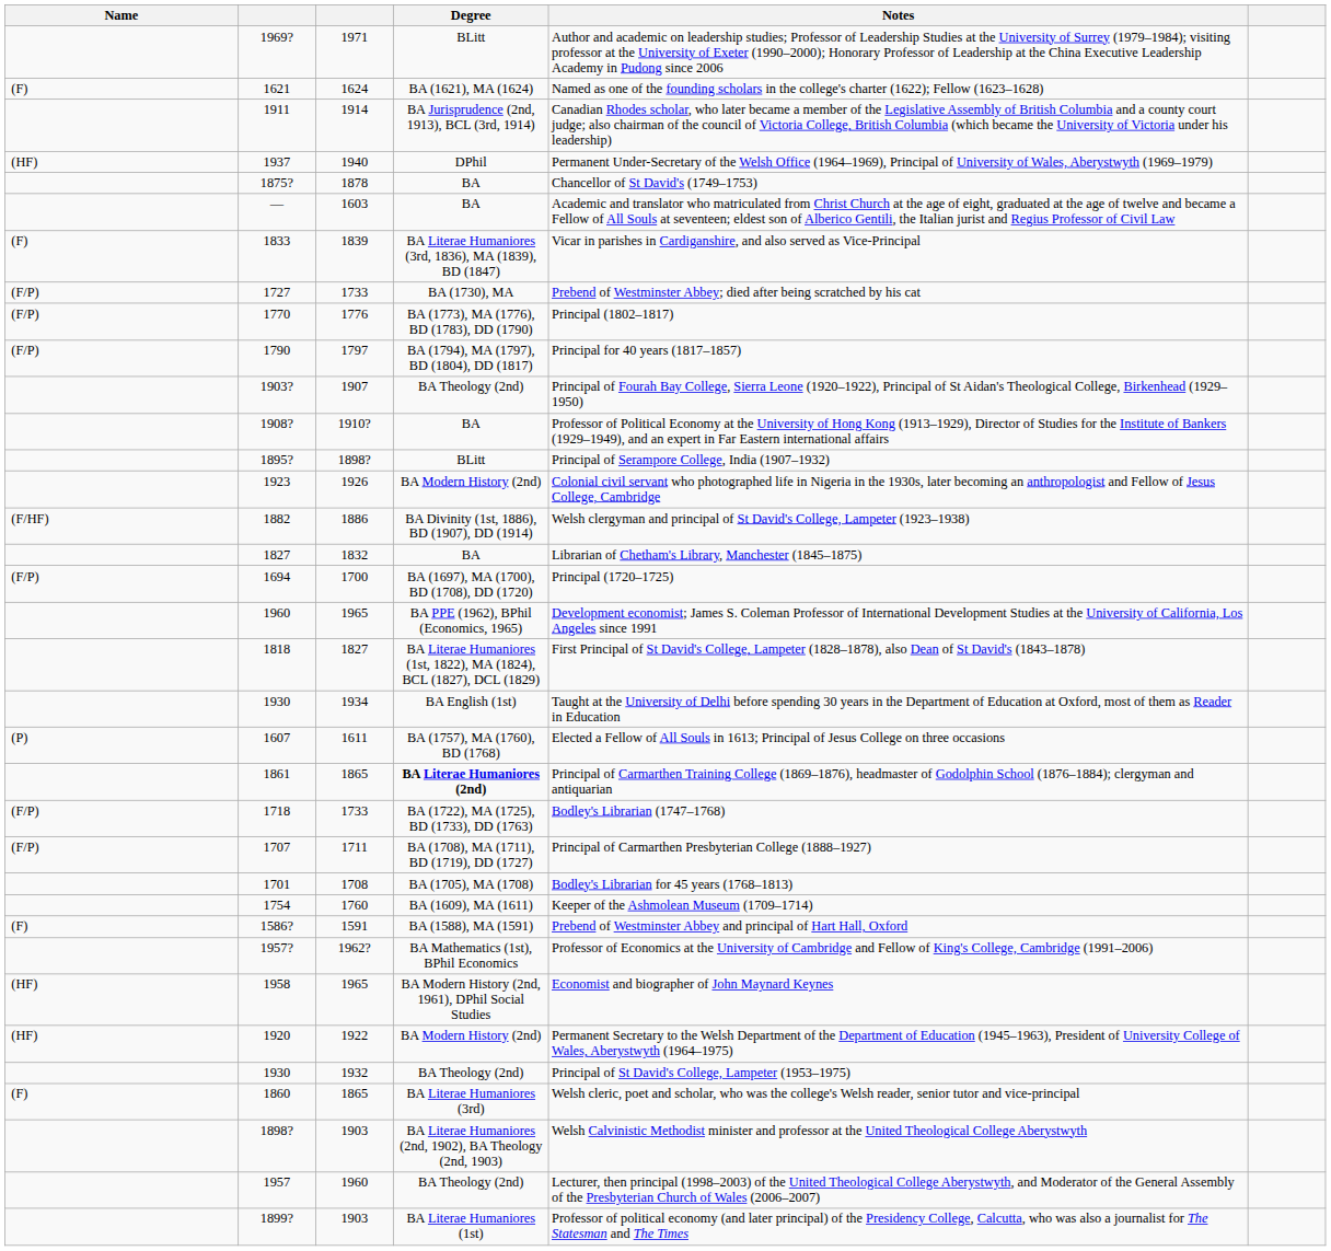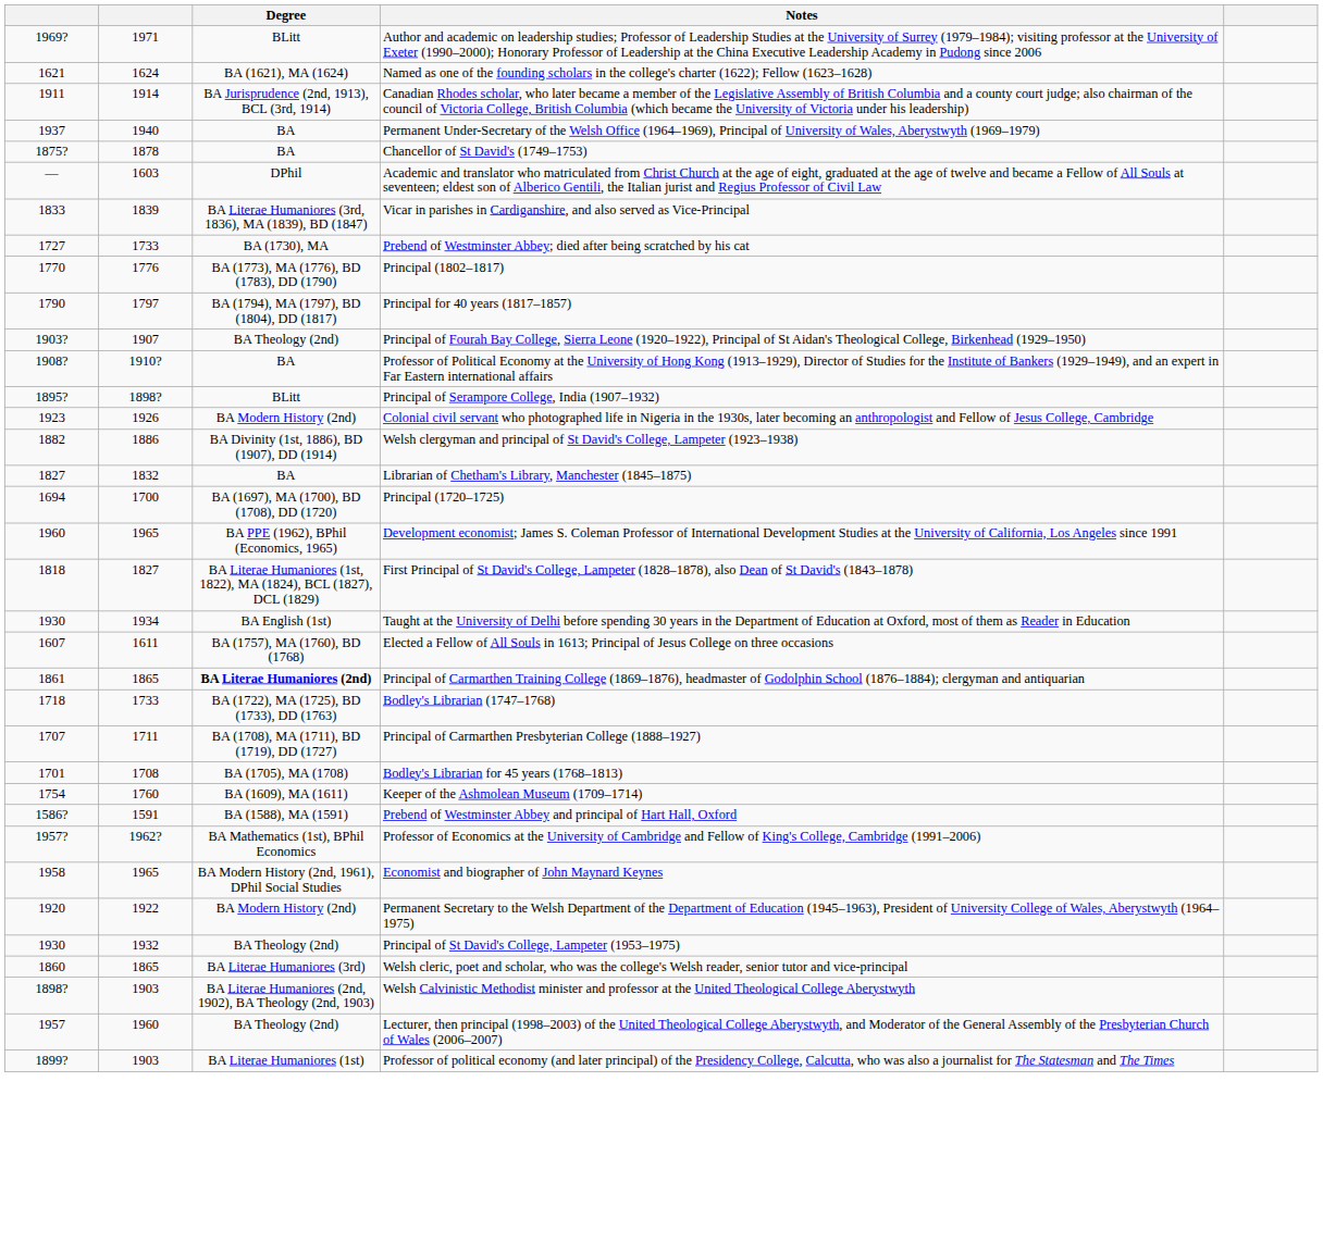 <table class="wikitable sortable">
 <tr>
-<th width="15%">Name</th>
 <th width="5%"></th>
 <th width="5%"></th>
 <th width="10%" class="unsortable">Degree</th>
 <th width="45%" class="unsortable">Notes</th>
 <th width="5%" class="unsortable"></th>
 </tr>
 <tr valign="top">
-<td></td>
 <td align="center"><span>1969</span>?</td>
 <td align="center">1971</td>
 <td align="center">BLitt</td>
 <td>Author and academic on leadership studies; Professor of Leadership Studies at the <a href='#'>University of Surrey</a> (1979–1984); visiting professor at the <a href='#'>University of Exeter</a> (1990–2000); Honorary Professor of Leadership at the China Executive Leadership Academy in <a href='#'>Pudong</a> since 2006</td>
 <td align="center"></td>
 </tr>
 <tr valign="top">
-<td> (F)</td>
 <td align="center">1621</td>
 <td align="center">1624</td>
 <td align="center">BA (1621), MA (1624)</td>
 <td>Named as one of the <a href='#'>founding scholars</a> in the college's charter (1622); Fellow (1623–1628)</td>
 <td align="center"></td>
 </tr>
 <tr valign="top">
-<td></td>
 <td align="center">1911</td>
 <td align="center">1914</td>
 <td align="center">BA <a href='#'>Jurisprudence</a> (2nd, 1913), BCL (3rd, 1914)</td>
 <td>Canadian <a href='#'>Rhodes scholar</a>, who later became a member of the <a href='#'>Legislative Assembly of British Columbia</a> and a county court judge; also chairman of the council of <a href='#'>Victoria College, British Columbia</a> (which became the <a href='#'>University of Victoria</a> under his leadership)</td>
 <td align="center"></td>
 </tr>
 <tr valign="top">
-<td> (HF)</td>
 <td align="center">1937</td>
 <td align="center">1940</td>
-<td align="center">DPhil</td>
+<td align="center">BA</td>
 <td>Permanent Under-Secretary of the <a href='#'>Welsh Office</a> (1964–1969), Principal of <a href='#'>University of Wales, Aberystwyth</a> (1969–1979)</td>
 <td align="center"></td>
 </tr>
 <tr valign="top">
-<td></td>
 <td align="center"><span>1875</span>?</td>
 <td align="center">1878</td>
 <td align="center">BA</td>
 <td>Chancellor of <a href='#'>St David's</a> (1749–1753)</td>
 <td align="center"></td>
 </tr>
 <tr valign="top">
-<td></td>
 <td align="center">—</td>
 <td align="center">1603</td>
-<td align="center">BA</td>
+<td align="center">DPhil</td>
 <td>Academic and translator who matriculated from <a href='#'>Christ Church</a> at the age of eight, graduated at the age of twelve and became a Fellow of <a href='#'>All Souls</a> at seventeen; eldest son of <a href='#'>Alberico Gentili</a>, the Italian jurist and <a href='#'>Regius Professor of Civil Law</a></td>
 <td align="center"></td>
 </tr>
 <tr valign="top">
-<td> (F)</td>
 <td align="center">1833</td>
 <td align="center">1839</td>
 <td align="center">BA <a href='#'>Literae Humaniores</a> (3rd, 1836), MA (1839), BD (1847)</td>
 <td>Vicar in parishes in <a href='#'>Cardiganshire</a>, and also served as Vice-Principal</td>
 <td align="center"></td>
 </tr>
 <tr valign="top">
-<td> (F/P)</td>
 <td align="center">1727</td>
 <td align="center">1733</td>
 <td align="center">BA (1730), MA</td>
 <td><a href='#'>Prebend</a> of <a href='#'>Westminster Abbey</a>; died after being scratched by his cat</td>
 <td align="center"></td>
 </tr>
 <tr valign="top">
-<td> (F/P)</td>
 <td align="center">1770</td>
 <td align="center">1776</td>
 <td align="center">BA (1773), MA (1776), BD (1783), DD (1790)</td>
 <td>Principal (1802–1817)</td>
 <td align="center"></td>
 </tr>
 <tr valign="top">
-<td> (F/P)</td>
 <td align="center">1790</td>
 <td align="center">1797</td>
 <td align="center">BA (1794), MA (1797), BD (1804), DD (1817)</td>
 <td>Principal for 40 years (1817–1857)</td>
 <td align="center"></td>
 </tr>
 <tr valign="top">
-<td></td>
 <td align="center"><span>1903</span>?</td>
 <td align="center">1907</td>
 <td align="center">BA Theology (2nd)</td>
 <td>Principal of <a href='#'>Fourah Bay College</a>, <a href='#'>Sierra Leone</a> (1920–1922), Principal of St Aidan's Theological College, <a href='#'>Birkenhead</a> (1929–1950)</td>
 <td align="center"></td>
 </tr>
 <tr valign="top">
-<td></td>
 <td align="center"><span>1908</span>?</td>
 <td align="center"><span>1910</span>?</td>
 <td align="center">BA</td>
 <td>Professor of Political Economy at the <a href='#'>University of Hong Kong</a> (1913–1929), Director of Studies for the <a href='#'>Institute of Bankers</a> (1929–1949), and an expert in Far Eastern international affairs</td>
 <td align="center"></td>
 </tr>
 <tr valign="top">
-<td></td>
 <td align="center"><span>1895</span>?</td>
 <td align="center"><span>1898</span>?</td>
 <td align="center">BLitt</td>
 <td>Principal of <a href='#'>Serampore College</a>, India (1907–1932)</td>
 <td align="center"></td>
 </tr>
 <tr valign="top">
-<td></td>
 <td align="center">1923</td>
 <td align="center">1926</td>
 <td align="center">BA <a href='#'>Modern History</a> (2nd)</td>
 <td><a href='#'>Colonial civil servant</a> who photographed life in Nigeria in the 1930s, later becoming an <a href='#'>anthropologist</a> and Fellow of <a href='#'>Jesus College, Cambridge</a></td>
 <td align="center"></td>
 </tr>
 <tr valign="top">
-<td> (F/HF)</td>
 <td align="center">1882</td>
 <td align="center">1886</td>
 <td align="center">BA Divinity (1st, 1886), BD (1907), DD (1914)</td>
 <td>Welsh clergyman and principal of <a href='#'>St David's College, Lampeter</a> (1923–1938)</td>
 <td align="center"></td>
 </tr>
 <tr valign="top">
-<td></td>
 <td align="center">1827</td>
 <td align="center">1832</td>
 <td align="center">BA</td>
 <td>Librarian of <a href='#'>Chetham's Library</a>, <a href='#'>Manchester</a> (1845–1875)</td>
 <td align="center"></td>
 </tr>
 <tr valign="top">
-<td> (F/P)</td>
 <td align="center">1694</td>
 <td align="center">1700</td>
 <td align="center">BA (1697), MA (1700), BD (1708), DD (1720)</td>
 <td>Principal (1720–1725)</td>
 <td align="center"></td>
 </tr>
 <tr valign="top">
-<td></td>
 <td align="center">1960</td>
 <td align="center">1965</td>
 <td align="center">BA <a href='#'>PPE</a> (1962), BPhil (Economics, 1965)</td>
 <td><a href='#'>Development economist</a>; James S. Coleman Professor of International Development Studies at the <a href='#'>University of California, Los Angeles</a> since 1991</td>
 <td align="center"></td>
 </tr>
 <tr valign="top">
-<td></td>
 <td align="center">1818</td>
 <td align="center">1827</td>
 <td align="center">BA <a href='#'>Literae Humaniores</a> (1st, 1822), MA (1824), BCL (1827), DCL (1829)</td>
 <td>First Principal of <a href='#'>St David's College, Lampeter</a> (1828–1878), also <a href='#'>Dean</a> of <a href='#'>St David's</a> (1843–1878)</td>
 <td align="center"></td>
 </tr>
 <tr valign="top">
-<td></td>
 <td align="center">1930</td>
 <td align="center">1934</td>
 <td align="center">BA English (1st)</td>
 <td>Taught at the <a href='#'>University of Delhi</a> before spending 30 years in the Department of Education at Oxford, most of them as <a href='#'>Reader</a> in Education</td>
 <td align="center"></td>
 </tr>
 <tr valign="top">
-<td> (P)</td>
 <td align="center">1607</td>
 <td align="center">1611</td>
 <td align="center">BA (1757), MA (1760), BD (1768)</td>
 <td>Elected a Fellow of <a href='#'>All Souls</a> in 1613; Principal of Jesus College on three occasions</td>
 <td align="center"></td>
 </tr>
 <tr valign="top">
-<td></td>
 <td align="center">1861</td>
 <td align="center">1865</td>
 <td align="center"><strong>BA <a href='#'>Literae Humaniores</a> (2nd)</strong></td>
 <td>Principal of <a href='#'>Carmarthen Training College</a> (1869–1876), headmaster of <a href='#'>Godolphin School</a> (1876–1884); clergyman and antiquarian</td>
 <td align="center"></td>
 </tr>
 <tr valign="top">
-<td> (F/P)</td>
 <td align="center">1718</td>
 <td align="center">1733</td>
 <td align="center">BA (1722), MA (1725), BD (1733), DD (1763)</td>
 <td><a href='#'>Bodley's Librarian</a> (1747–1768)</td>
 <td align="center"></td>
 </tr>
 <tr valign="top">
-<td> (F/P)</td>
 <td align="center">1707</td>
 <td align="center">1711</td>
 <td align="center">BA (1708), MA (1711), BD (1719), DD (1727)</td>
 <td>Principal of Carmarthen Presbyterian College (1888–1927)</td>
 <td align="center"></td>
 </tr>
 <tr valign="top">
-<td></td>
 <td align="center">1701</td>
 <td align="center">1708</td>
 <td align="center">BA (1705), MA (1708)</td>
 <td><a href='#'>Bodley's Librarian</a> for 45 years (1768–1813)</td>
 <td align="center"></td>
 </tr>
 <tr valign="top">
-<td></td>
 <td align="center">1754</td>
 <td align="center">1760</td>
 <td align="center">BA (1609), MA (1611)</td>
 <td>Keeper of the <a href='#'>Ashmolean Museum</a> (1709–1714)</td>
 <td align="center"></td>
 </tr>
 <tr valign="top">
-<td> (F)</td>
 <td align="center"><span>1586</span>?</td>
 <td align="center">1591</td>
 <td align="center">BA (1588), MA (1591)</td>
 <td><a href='#'>Prebend</a> of <a href='#'>Westminster Abbey</a> and principal of <a href='#'>Hart Hall, Oxford</a></td>
 <td align="center"></td>
 </tr>
 <tr valign="top">
-<td></td>
 <td align="center"><span>1957</span>?</td>
 <td align="center"><span>1962</span>?</td>
 <td align="center">BA Mathematics (1st), BPhil Economics</td>
 <td>Professor of Economics at the <a href='#'>University of Cambridge</a> and Fellow of <a href='#'>King's College, Cambridge</a> (1991–2006)</td>
 <td align="center"></td>
 </tr>
 <tr valign="top">
-<td> (HF)</td>
 <td align="center">1958</td>
 <td align="center">1965 </td>
 <td align="center">BA Modern History (2nd, 1961), DPhil Social Studies</td>
 <td><a href='#'>Economist</a> and biographer of <a href='#'>John Maynard Keynes</a></td>
 <td align="center"></td>
 </tr>
 <tr valign="top">
-<td> (HF)</td>
 <td align="center">1920</td>
 <td align="center">1922</td>
 <td align="center">BA <a href='#'>Modern History</a> (2nd)</td>
 <td>Permanent Secretary to the Welsh Department of the <a href='#'>Department of Education</a> (1945–1963), President of <a href='#'>University College of Wales, Aberystwyth</a> (1964–1975)</td>
 <td align="center"></td>
 </tr>
 <tr valign="top">
-<td></td>
 <td align="center">1930</td>
 <td align="center">1932</td>
 <td align="center">BA Theology (2nd)</td>
 <td>Principal of <a href='#'>St David's College, Lampeter</a> (1953–1975)</td>
 <td align="center"></td>
 </tr>
 <tr valign="top">
-<td> (F)</td>
 <td align="center">1860</td>
 <td align="center">1865</td>
 <td align="center">BA <a href='#'>Literae Humaniores</a> (3rd)</td>
 <td>Welsh cleric, poet and scholar, who was the college's Welsh reader, senior tutor and vice-principal</td>
 <td align="center"></td>
 </tr>
 <tr valign="top">
-<td></td>
 <td align="center"><span>1898</span>?</td>
 <td align="center">1903</td>
 <td align="center">BA <a href='#'>Literae Humaniores</a> (2nd, 1902), BA Theology (2nd, 1903)</td>
 <td>Welsh <a href='#'>Calvinistic Methodist</a> minister and professor at the <a href='#'>United Theological College Aberystwyth</a></td>
 <td align="center"></td>
 </tr>
 <tr valign="top">
-<td></td>
 <td align="center">1957</td>
 <td align="center">1960</td>
 <td align="center">BA Theology (2nd)</td>
 <td>Lecturer, then principal (1998–2003) of the <a href='#'>United Theological College Aberystwyth</a>, and Moderator of the General Assembly of the <a href='#'>Presbyterian Church of Wales</a> (2006–2007)</td>
 <td align="center"></td>
 </tr>
 <tr valign="top">
-<td></td>
 <td align="center"><span>1899</span>?</td>
 <td align="center">1903</td>
 <td align="center">BA <a href='#'>Literae Humaniores</a> (1st)</td>
 <td>Professor of political economy (and later principal) of the <a href='#'>Presidency College</a>, <a href='#'>Calcutta</a>, who was also a journalist for <em><a href='#'>The Statesman</a></em> and <em><a href='#'>The Times</a></em></td>
 <td align="center"></td>
 </tr>
 </table>
